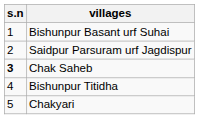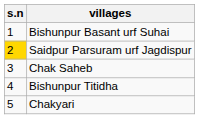 <table class="wikitable">
 <tr>
 <th>s.n</th>
 <th>villages</th>
 </tr>
 <tr>
 <td>1</td>
 <td>Bishunpur Basant urf Suhai</td>
 </tr>
 <tr>
-<td>2</td>
+<td style="background: gold;">2</td>
 <td>Saidpur Parsuram urf Jagdispur</td>
 </tr>
 <tr>
-<td><strong>3</strong></td>
+<td>3</td>
 <td>Chak Saheb</td>
 </tr>
 <tr>
 <td>4</td>
 <td>Bishunpur Titidha</td>
 </tr>
 <tr>
 <td>5</td>
 <td>Chakyari</td>
 </tr>
 </table>
